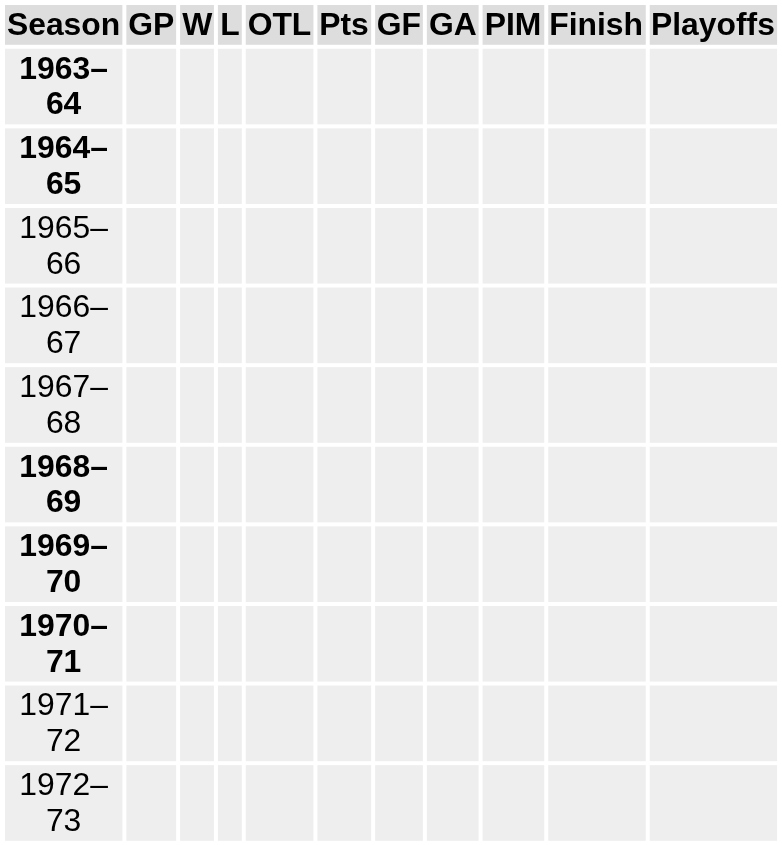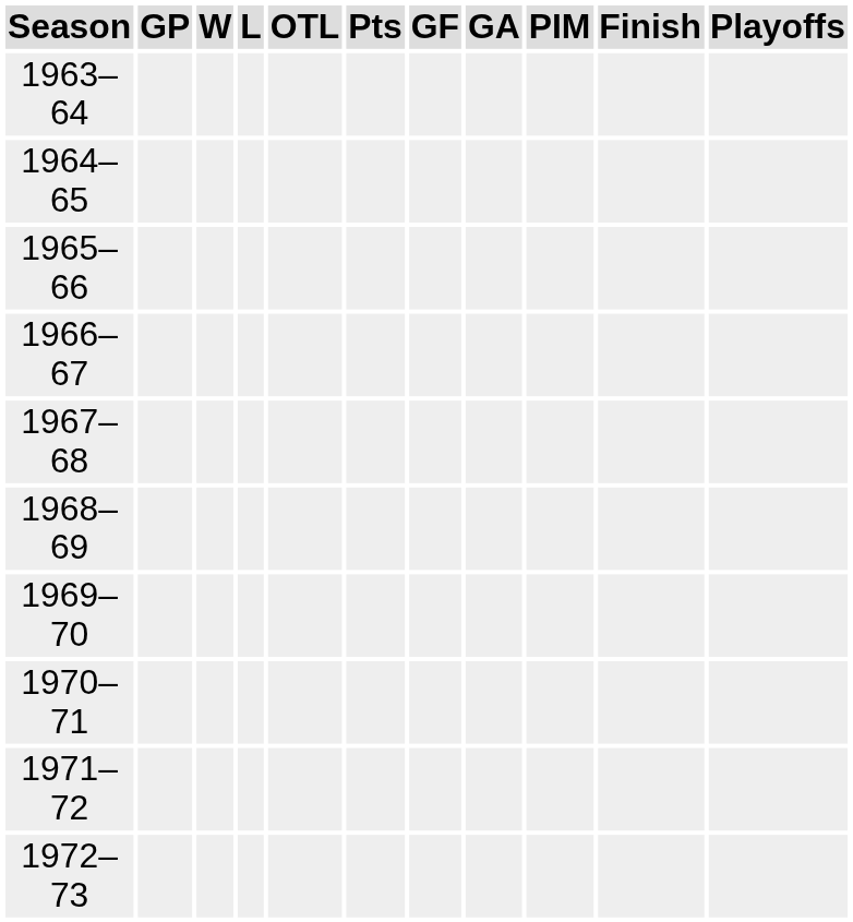 <table style="width:40%">
 <tr bgcolor="#dddddd">
 <th width="12%">Season</th>
 <th width="8%">GP</th>
 <th width="8%">W</th>
 <th width="8%">L</th>
 <th width="8%">OTL</th>
 <th width="8%">Pts</th>
 <th width="8%">GF</th>
 <th width="8%">GA</th>
 <th width="8%">PIM</th>
 <th width="9%">Finish</th>
 <th width="13%">Playoffs</th>
 </tr>
 <tr align="center" bgcolor="#eeeeee">
-<td><strong>1963–64</strong></td>
+<td>1963–64</td>
 <td> </td>
 <td></td>
 <td></td>
 <td></td>
 <td></td>
 <td></td>
 <td></td>
 <td></td>
 <td></td>
 <td></td>
 </tr>
 <tr align="center" bgcolor="#eeeeee">
-<td><strong>1964–65</strong></td>
+<td>1964–65</td>
 <td> </td>
 <td></td>
 <td></td>
 <td></td>
 <td></td>
 <td></td>
 <td></td>
 <td></td>
 <td></td>
 <td></td>
 </tr>
 <tr align="center" bgcolor="#eeeeee">
 <td>1965–66</td>
 <td> </td>
 <td></td>
 <td></td>
 <td></td>
 <td></td>
 <td></td>
 <td></td>
 <td></td>
 <td></td>
 <td></td>
 </tr>
 <tr align="center" bgcolor="#eeeeee">
 <td>1966–67</td>
 <td> </td>
 <td></td>
 <td></td>
 <td></td>
 <td></td>
 <td></td>
 <td></td>
 <td></td>
 <td></td>
 <td></td>
 </tr>
 <tr align="center" bgcolor="#eeeeee">
 <td>1967–68</td>
 <td> </td>
 <td></td>
 <td></td>
 <td></td>
 <td></td>
 <td></td>
 <td></td>
 <td></td>
 <td></td>
 <td></td>
 </tr>
 <tr align="center" bgcolor="#eeeeee">
-<td><strong>1968–69</strong></td>
+<td>1968–69</td>
 <td> </td>
 <td></td>
 <td></td>
 <td></td>
 <td></td>
 <td></td>
 <td></td>
 <td></td>
 <td></td>
 <td></td>
 </tr>
 <tr align="center" bgcolor="#eeeeee">
-<td><strong>1969–70</strong></td>
+<td>1969–70</td>
 <td> </td>
 <td></td>
 <td></td>
 <td></td>
 <td></td>
 <td></td>
 <td></td>
 <td></td>
 <td></td>
 <td></td>
 </tr>
 <tr align="center" bgcolor="#eeeeee">
-<td><strong>1970–71</strong></td>
+<td>1970–71</td>
 <td> </td>
 <td></td>
 <td></td>
 <td></td>
 <td></td>
 <td></td>
 <td></td>
 <td></td>
 <td></td>
 <td></td>
 </tr>
 <tr align="center" bgcolor="#eeeeee">
 <td>1971–72</td>
 <td> </td>
 <td></td>
 <td></td>
 <td></td>
 <td></td>
 <td></td>
 <td></td>
 <td></td>
 <td></td>
 <td></td>
 </tr>
 <tr align="center" bgcolor="#eeeeee">
 <td>1972–73</td>
 <td> </td>
 <td></td>
 <td></td>
 <td></td>
 <td></td>
 <td></td>
 <td></td>
 <td></td>
 <td></td>
 <td></td>
 </tr>
 <tr align="center" bgcolor="#eeeeee">
 </tr>
 </table>
